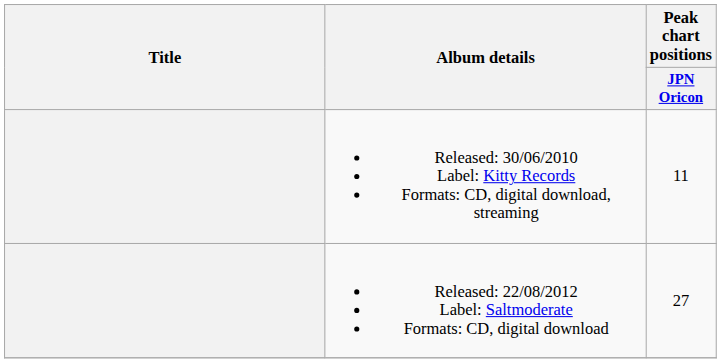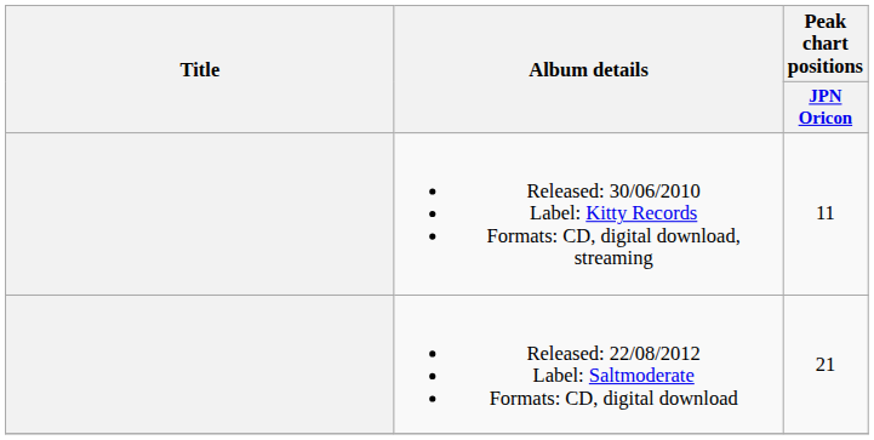 <table class="wikitable plainrowheaders" style="text-align:center;">
 <tr>
 <th scope="col" rowspan="2" style="width:19em;">Title</th>
 <th scope="col" rowspan="2" style="width:19em;">Album details</th>
 <th scope="col">Peak<br>chart<br>positions</th>
 </tr>
 <tr>
 <th scope="col" style="width:2.9em;font-size:90%;"><a href='#'>JPN<br>Oricon</a><br></th>
 </tr>
 <tr>
 <th scope="row"></th>
 <td><br><ul><li>Released: 30/06/2010</li><li>Label: <a href='#'>Kitty Records</a></li><li>Formats: CD, digital download, streaming</li></ul></td>
 <td>11</td>
 </tr>
 <tr>
 <th scope="row"></th>
 <td><br><ul><li>Released: 22/08/2012</li><li>Label: <a href='#'>Saltmoderate</a></li><li>Formats: CD, digital download</li></ul></td>
-<td>27</td>
+<td>21</td>
 </tr>
 <tr>
 </tr>
 </table>
